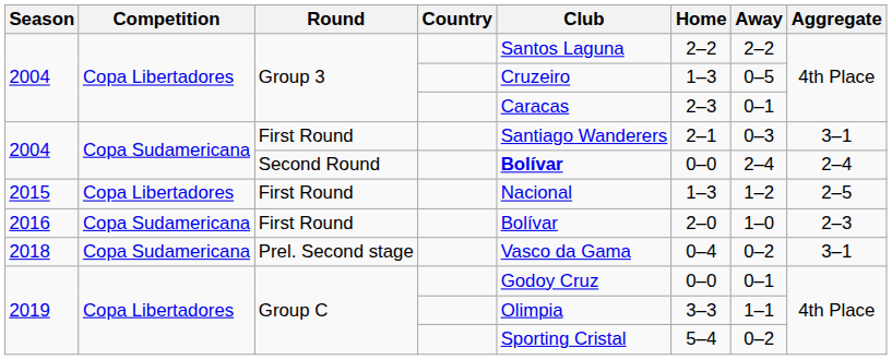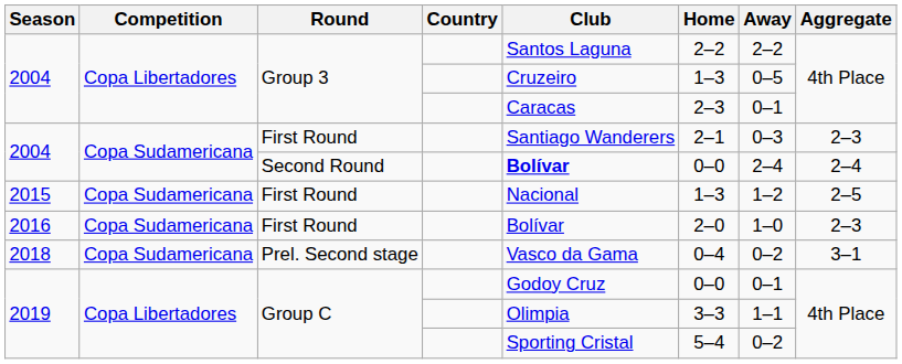 <table class="wikitable" style="text-align:left;">
 <tr>
 <th>Season</th>
 <th>Competition</th>
 <th>Round</th>
 <th>Country</th>
 <th>Club</th>
 <th>Home</th>
 <th>Away</th>
 <th>Aggregate</th>
 </tr>
 <tr>
 <td rowspan="3"><a href='#'>2004</a></td>
 <td rowspan="3"><a href='#'>Copa Libertadores</a></td>
 <td rowspan="3">Group 3</td>
 <td></td>
 <td><a href='#'>Santos Laguna</a></td>
 <td style="text-align:center;">2–2</td>
 <td style="text-align:center;">2–2</td>
 <td style="text-align:center;" rowspan=3>4th Place</td>
 </tr>
 <tr>
 <td></td>
 <td><a href='#'>Cruzeiro</a></td>
 <td style="text-align:center;">1–3</td>
 <td style="text-align:center;">0–5</td>
 </tr>
 <tr>
 <td></td>
 <td><a href='#'>Caracas</a></td>
 <td style="text-align:center;">2–3</td>
 <td style="text-align:center;">0–1</td>
 </tr>
 <tr>
 <td rowspan="2"><a href='#'>2004</a></td>
 <td rowspan="2"><a href='#'>Copa Sudamericana</a></td>
 <td>First Round</td>
 <td></td>
 <td><a href='#'>Santiago Wanderers</a></td>
 <td style="text-align:center;">2–1</td>
 <td style="text-align:center;">0–3</td>
-<td style="text-align:center;">3–1</td>
+<td style="text-align:center;">2–3</td>
 </tr>
 <tr>
 <td>Second Round</td>
 <td></td>
 <td><strong><a href='#'>Bolívar</a></strong></td>
 <td style="text-align:center;">0–0</td>
 <td style="text-align:center;">2–4</td>
 <td style="text-align:center;">2–4</td>
 </tr>
 <tr>
 <td><a href='#'>2015</a></td>
-<td><a href='#'>Copa Libertadores</a></td>
+<td><a href='#'>Copa Sudamericana</a></td>
 <td>First Round</td>
 <td></td>
 <td><a href='#'>Nacional</a></td>
 <td style="text-align:center;">1–3</td>
 <td style="text-align:center;">1–2</td>
 <td style="text-align:center;">2–5</td>
 </tr>
 <tr>
 <td><a href='#'>2016</a></td>
 <td><a href='#'>Copa Sudamericana</a></td>
 <td>First Round</td>
 <td></td>
 <td><a href='#'>Bolívar</a></td>
 <td style="text-align:center;">2–0</td>
 <td style="text-align:center;">1–0</td>
 <td style="text-align:center;">2–3</td>
 </tr>
 <tr>
 <td><a href='#'>2018</a></td>
 <td><a href='#'>Copa Sudamericana</a></td>
 <td>Prel. Second stage</td>
 <td></td>
 <td><a href='#'>Vasco da Gama</a></td>
 <td style="text-align:center;">0–4</td>
 <td style="text-align:center;">0–2</td>
 <td style="text-align:center;">3–1</td>
 </tr>
 <tr>
 <td rowspan="3"><a href='#'>2019</a></td>
 <td rowspan="3"><a href='#'>Copa Libertadores</a></td>
 <td rowspan="3">Group C</td>
 <td></td>
 <td><a href='#'>Godoy Cruz</a></td>
 <td style="text-align:center;">0–0</td>
 <td style="text-align:center;">0–1</td>
 <td style="text-align:center;" rowspan=3>4th Place</td>
 </tr>
 <tr>
 <td></td>
 <td><a href='#'>Olimpia</a></td>
 <td style="text-align:center;">3–3</td>
 <td style="text-align:center;">1–1</td>
 </tr>
 <tr>
 <td></td>
 <td><a href='#'>Sporting Cristal</a></td>
 <td style="text-align:center;">5–4</td>
 <td style="text-align:center;">0–2</td>
 </tr>
 </table>
